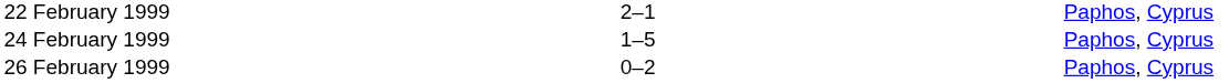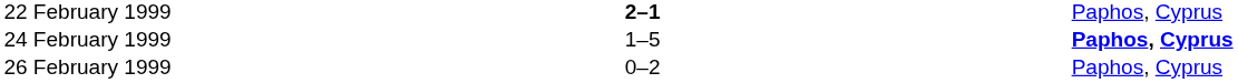 <table cellspacing=1 width=85%>
 <tr>
 <th width=15%></th>
 <th width=25%></th>
 <th width=10%></th>
 <th width=25%></th>
 <th width=25%></th>
 </tr>
 <tr>
 <td>22 February 1999</td>
 <td align=right></td>
-<td align=center>2–1</td>
+<td align=center><strong>2–1</strong></td>
 <td></td>
 <td><a href='#'>Paphos</a>, <a href='#'>Cyprus</a></td>
 </tr>
 <tr>
 <td>24 February 1999</td>
 <td align=right></td>
 <td align=center>1–5</td>
 <td></td>
-<td><a href='#'>Paphos</a>, <a href='#'>Cyprus</a></td>
+<td><strong><a href='#'>Paphos</a>, <a href='#'>Cyprus</a></strong></td>
 </tr>
 <tr>
 <td>26 February 1999</td>
 <td align=right></td>
 <td align=center>0–2</td>
 <td></td>
 <td><a href='#'>Paphos</a>, <a href='#'>Cyprus</a></td>
 </tr>
 </table>
